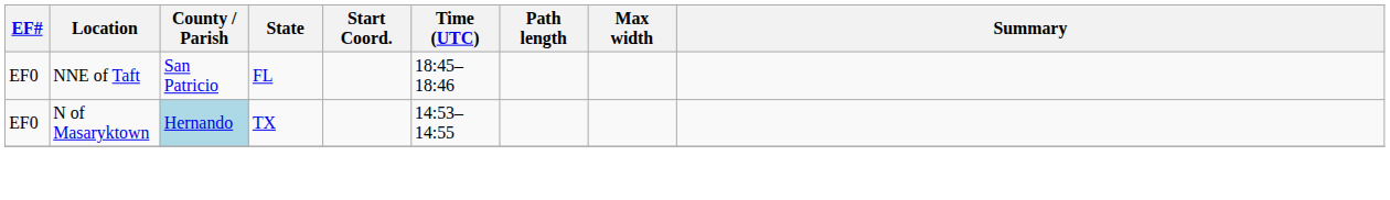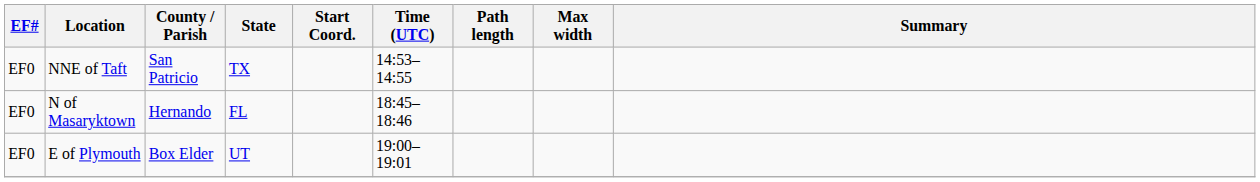 <table class="wikitable sortable" style="width:100%;">
 <tr>
 <th scope="col"  style="width:3%; text-align:center;"><a href='#'>EF#</a></th>
 <th scope="col"  style="width:7%; text-align:center;" class="unsortable">Location</th>
 <th scope="col"  style="width:6%; text-align:center;" class="unsortable">County / Parish</th>
 <th scope="col"  style="width:5%; text-align:center;">State</th>
 <th scope="col"  style="width:6%; text-align:center;">Start Coord.</th>
 <th scope="col"  style="width:6%; text-align:center;">Time (<a href='#'>UTC</a>)</th>
 <th scope="col"  style="width:6%; text-align:center;">Path length</th>
 <th scope="col"  style="width:6%; text-align:center;">Max width</th>
 <th scope="col" class="unsortable" style="width:48%; text-align:center;">Summary</th>
 </tr>
 <tr>
 <td>EF0</td>
 <td>NNE of <a href='#'>Taft</a></td>
 <td><a href='#'>San Patricio</a></td>
+<td><a href='#'>TX</a></td>
+<td></td>
+<td>14:53–14:55</td>
+<td></td>
+<td></td>
+<td></td>
+</tr>
+<tr>
+<td>EF0</td>
+<td>N of <a href='#'>Masaryktown</a></td>
+<td><a href='#'>Hernando</a></td>
 <td><a href='#'>FL</a></td>
 <td></td>
 <td>18:45–18:46</td>
 <td></td>
 <td></td>
 <td></td>
 </tr>
 <tr>
 <td>EF0</td>
-<td>N of <a href='#'>Masaryktown</a></td>
-<td style="background: lightblue;"><a href='#'>Hernando</a></td>
-<td><a href='#'>TX</a></td>
+<td>E of <a href='#'>Plymouth</a></td>
+<td><a href='#'>Box Elder</a></td>
+<td><a href='#'>UT</a></td>
 <td></td>
-<td>14:53–14:55</td>
+<td>19:00–19:01</td>
 <td></td>
 <td></td>
 <td></td>
 </tr>
 <tr>
 </tr>
 </table>
